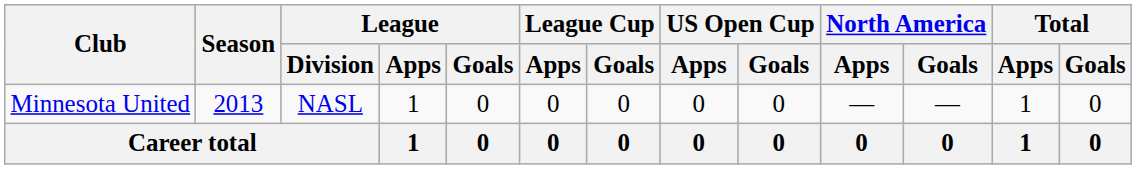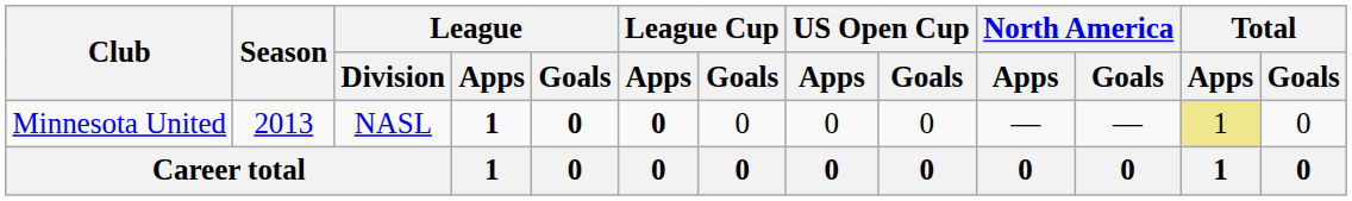 <table class="wikitable" style="text-align: center;">
 <tr>
 <th rowspan="2">Club</th>
 <th rowspan="2">Season</th>
 <th colspan="3">League</th>
 <th colspan="2">League Cup</th>
 <th colspan="2">US Open Cup</th>
 <th colspan="2"><a href='#'>North America</a></th>
 <th colspan="2">Total</th>
 </tr>
 <tr>
 <th>Division</th>
 <th>Apps</th>
 <th>Goals</th>
 <th>Apps</th>
 <th>Goals</th>
 <th>Apps</th>
 <th>Goals</th>
 <th>Apps</th>
 <th>Goals</th>
 <th>Apps</th>
 <th>Goals</th>
 </tr>
 <tr>
 <td rowspan="1"><a href='#'>Minnesota United</a></td>
 <td><a href='#'>2013</a></td>
 <td><a href='#'>NASL</a></td>
-<td>1</td>
-<td>0</td>
-<td>0</td>
+<td><strong>1</strong></td>
+<td><strong>0</strong></td>
+<td><strong>0</strong></td>
 <td>0</td>
 <td>0</td>
 <td>0</td>
 <td>—</td>
 <td>—</td>
-<td>1</td>
+<td style="background: khaki;">1</td>
 <td>0</td>
 </tr>
 <tr>
 <th colspan="3">Career total</th>
 <th>1</th>
 <th>0</th>
 <th>0</th>
 <th>0</th>
 <th>0</th>
 <th>0</th>
 <th>0</th>
 <th>0</th>
 <th>1</th>
 <th>0</th>
 </tr>
 </table>
